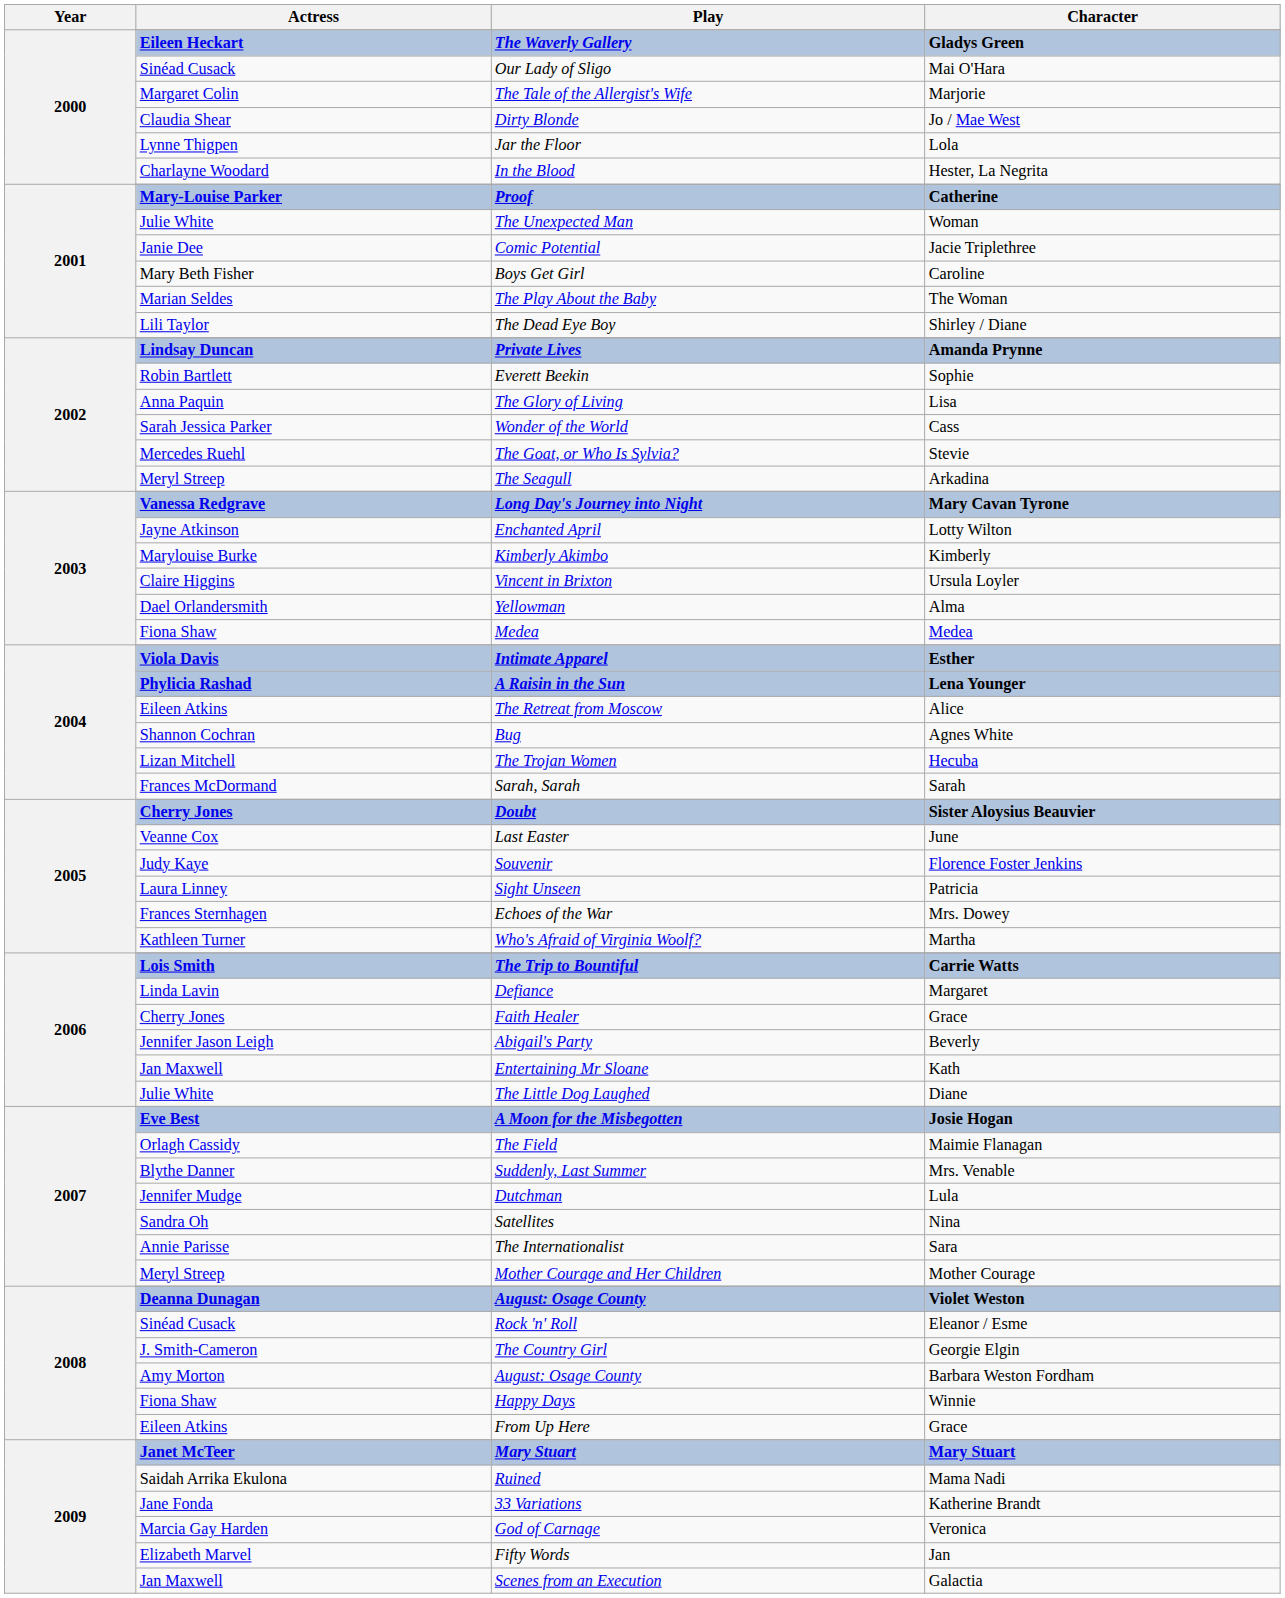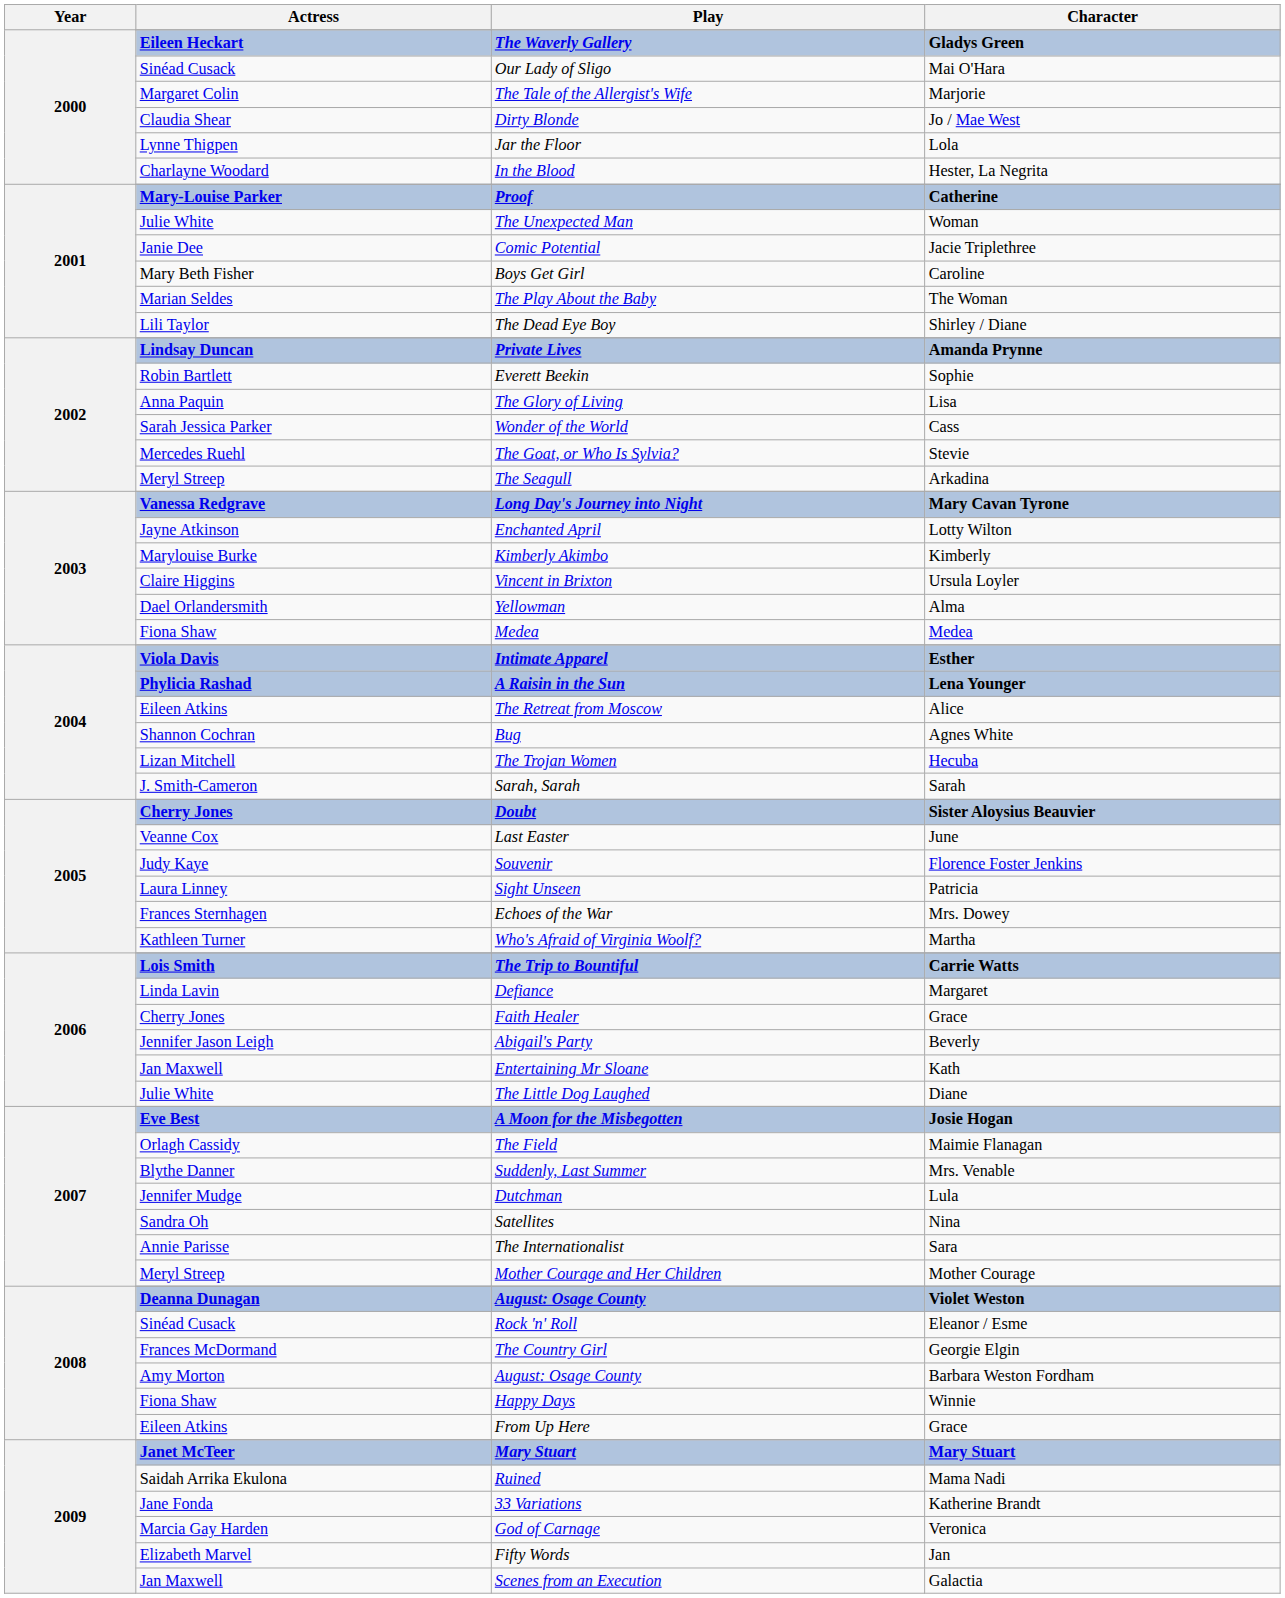 <table class="wikitable" style="width:100%;">
 <tr style="background:#bebebe;">
 <th style="width:10%;">Year</th>
 <th style="width:27%;">Actress</th>
 <th style="width:33%;">Play</th>
 <th style="width:27%;">Character</th>
 </tr>
 <tr>
 <th rowspan="7" align="center">2000</th>
 </tr>
 <tr style="background:#B0C4DE">
 <td><strong><a href='#'>Eileen Heckart</a></strong></td>
 <td><strong><em><a href='#'>The Waverly Gallery</a></em></strong></td>
 <td><strong>Gladys Green</strong></td>
 </tr>
 <tr>
 <td><a href='#'>Sinéad Cusack</a></td>
 <td><em>Our Lady of Sligo</em></td>
 <td>Mai O'Hara</td>
 </tr>
 <tr>
 <td><a href='#'>Margaret Colin</a></td>
 <td><em><a href='#'>The Tale of the Allergist's Wife</a></em></td>
 <td>Marjorie</td>
 </tr>
 <tr>
 <td><a href='#'>Claudia Shear</a></td>
 <td><em><a href='#'>Dirty Blonde</a></em></td>
 <td>Jo / <a href='#'>Mae West</a></td>
 </tr>
 <tr>
 <td><a href='#'>Lynne Thigpen</a></td>
 <td><em>Jar the Floor</em></td>
 <td>Lola</td>
 </tr>
 <tr>
 <td><a href='#'>Charlayne Woodard</a></td>
 <td><em><a href='#'>In the Blood</a></em></td>
 <td>Hester, La Negrita</td>
 </tr>
 <tr>
 <th rowspan="7" align="center">2001</th>
 </tr>
 <tr style="background:#B0C4DE">
 <td><strong><a href='#'>Mary-Louise Parker</a></strong></td>
 <td><strong><em><a href='#'>Proof</a></em></strong></td>
 <td><strong>Catherine</strong></td>
 </tr>
 <tr>
 <td><a href='#'>Julie White</a></td>
 <td><em><a href='#'>The Unexpected Man</a></em></td>
 <td>Woman</td>
 </tr>
 <tr>
 <td><a href='#'>Janie Dee</a></td>
 <td><em><a href='#'>Comic Potential</a></em></td>
 <td>Jacie Triplethree</td>
 </tr>
 <tr>
 <td>Mary Beth Fisher</td>
 <td><em>Boys Get Girl</em></td>
 <td>Caroline</td>
 </tr>
 <tr>
 <td><a href='#'>Marian Seldes</a></td>
 <td><em><a href='#'>The Play About the Baby</a></em></td>
 <td>The Woman</td>
 </tr>
 <tr>
 <td><a href='#'>Lili Taylor</a></td>
 <td><em>The Dead Eye Boy</em></td>
 <td>Shirley / Diane</td>
 </tr>
 <tr>
 <th rowspan="7" align="center">2002</th>
 </tr>
 <tr style="background:#B0C4DE">
 <td><strong><a href='#'>Lindsay Duncan</a></strong></td>
 <td><strong><em><a href='#'>Private Lives</a></em></strong></td>
 <td><strong>Amanda Prynne</strong></td>
 </tr>
 <tr>
 <td><a href='#'>Robin Bartlett</a></td>
 <td><em>Everett Beekin</em></td>
 <td>Sophie</td>
 </tr>
 <tr>
 <td><a href='#'>Anna Paquin</a></td>
 <td><em><a href='#'>The Glory of Living</a></em></td>
 <td>Lisa</td>
 </tr>
 <tr>
 <td><a href='#'>Sarah Jessica Parker</a></td>
 <td><em><a href='#'>Wonder of the World</a></em></td>
 <td>Cass</td>
 </tr>
 <tr>
 <td><a href='#'>Mercedes Ruehl</a></td>
 <td><em><a href='#'>The Goat, or Who Is Sylvia?</a></em></td>
 <td>Stevie</td>
 </tr>
 <tr>
 <td><a href='#'>Meryl Streep</a></td>
 <td><em><a href='#'>The Seagull</a></em></td>
 <td>Arkadina</td>
 </tr>
 <tr>
 <th rowspan="7" align="center">2003</th>
 </tr>
 <tr style="background:#B0C4DE">
 <td><strong><a href='#'>Vanessa Redgrave</a></strong></td>
 <td><strong><em><a href='#'>Long Day's Journey into Night</a></em></strong></td>
 <td><strong>Mary Cavan Tyrone</strong></td>
 </tr>
 <tr>
 <td><a href='#'>Jayne Atkinson</a></td>
 <td><em><a href='#'>Enchanted April</a></em></td>
 <td>Lotty Wilton</td>
 </tr>
 <tr>
 <td><a href='#'>Marylouise Burke</a></td>
 <td><em><a href='#'>Kimberly Akimbo</a></em></td>
 <td>Kimberly</td>
 </tr>
 <tr>
 <td><a href='#'>Claire Higgins</a></td>
 <td><em><a href='#'>Vincent in Brixton</a></em></td>
 <td>Ursula Loyler</td>
 </tr>
 <tr>
 <td><a href='#'>Dael Orlandersmith</a></td>
 <td><em><a href='#'>Yellowman</a></em></td>
 <td>Alma</td>
 </tr>
 <tr>
 <td><a href='#'>Fiona Shaw</a></td>
 <td><em><a href='#'>Medea</a></em></td>
 <td><a href='#'>Medea</a></td>
 </tr>
 <tr>
 <th rowspan="7" align="center">2004</th>
 </tr>
 <tr style="background:#B0C4DE">
 <td><strong><a href='#'>Viola Davis</a></strong></td>
 <td><strong><em><a href='#'>Intimate Apparel</a></em></strong></td>
 <td><strong>Esther</strong></td>
 </tr>
 <tr style="background:#B0C4DE">
 <td><strong><a href='#'>Phylicia Rashad</a></strong></td>
 <td><strong><em><a href='#'>A Raisin in the Sun</a></em></strong></td>
 <td><strong>Lena Younger</strong></td>
 </tr>
 <tr>
 <td><a href='#'>Eileen Atkins</a></td>
 <td><em><a href='#'>The Retreat from Moscow</a></em></td>
 <td>Alice</td>
 </tr>
 <tr>
 <td><a href='#'>Shannon Cochran</a></td>
 <td><em><a href='#'>Bug</a></em></td>
 <td>Agnes White</td>
 </tr>
 <tr>
 <td><a href='#'>Lizan Mitchell</a></td>
 <td><em><a href='#'>The Trojan Women</a></em></td>
 <td><a href='#'>Hecuba</a></td>
 </tr>
 <tr>
-<td><a href='#'>Frances McDormand</a></td>
+<td><a href='#'>J. Smith-Cameron</a></td>
 <td><em>Sarah, Sarah</em></td>
 <td>Sarah</td>
 </tr>
 <tr>
 <th rowspan="7" align="center">2005</th>
 </tr>
 <tr style="background:#B0C4DE">
 <td><strong><a href='#'>Cherry Jones</a></strong></td>
 <td><strong><em><a href='#'>Doubt</a></em></strong></td>
 <td><strong>Sister Aloysius Beauvier</strong></td>
 </tr>
 <tr>
 <td><a href='#'>Veanne Cox</a></td>
 <td><em>Last Easter</em></td>
 <td>June</td>
 </tr>
 <tr>
 <td><a href='#'>Judy Kaye</a></td>
 <td><em><a href='#'>Souvenir</a></em></td>
 <td><a href='#'>Florence Foster Jenkins</a></td>
 </tr>
 <tr>
 <td><a href='#'>Laura Linney</a></td>
 <td><em><a href='#'>Sight Unseen</a></em></td>
 <td>Patricia</td>
 </tr>
 <tr>
 <td><a href='#'>Frances Sternhagen</a></td>
 <td><em>Echoes of the War</em></td>
 <td>Mrs. Dowey</td>
 </tr>
 <tr>
 <td><a href='#'>Kathleen Turner</a></td>
 <td><em><a href='#'>Who's Afraid of Virginia Woolf?</a></em></td>
 <td>Martha</td>
 </tr>
 <tr>
 <th rowspan="7" align="center">2006</th>
 </tr>
 <tr style="background:#B0C4DE">
 <td><strong><a href='#'>Lois Smith</a></strong></td>
 <td><strong><em><a href='#'>The Trip to Bountiful</a></em></strong></td>
 <td><strong>Carrie Watts</strong></td>
 </tr>
 <tr>
 <td><a href='#'>Linda Lavin</a></td>
 <td><em><a href='#'>Defiance</a></em></td>
 <td>Margaret</td>
 </tr>
 <tr>
 <td><a href='#'>Cherry Jones</a></td>
 <td><em><a href='#'>Faith Healer</a></em></td>
 <td>Grace</td>
 </tr>
 <tr>
 <td><a href='#'>Jennifer Jason Leigh</a></td>
 <td><em><a href='#'>Abigail's Party</a></em></td>
 <td>Beverly</td>
 </tr>
 <tr>
 <td><a href='#'>Jan Maxwell</a></td>
 <td><em><a href='#'>Entertaining Mr Sloane</a></em></td>
 <td>Kath</td>
 </tr>
 <tr>
 <td><a href='#'>Julie White</a></td>
 <td><em><a href='#'>The Little Dog Laughed</a></em></td>
 <td>Diane</td>
 </tr>
 <tr>
 <th rowspan="8" align="center">2007</th>
 </tr>
 <tr style="background:#B0C4DE">
 <td><strong><a href='#'>Eve Best</a></strong></td>
 <td><strong><em><a href='#'>A Moon for the Misbegotten</a></em></strong></td>
 <td><strong>Josie Hogan</strong></td>
 </tr>
 <tr>
 <td><a href='#'>Orlagh Cassidy</a></td>
 <td><em><a href='#'>The Field</a></em></td>
 <td>Maimie Flanagan</td>
 </tr>
 <tr>
 <td><a href='#'>Blythe Danner</a></td>
 <td><em><a href='#'>Suddenly, Last Summer</a></em></td>
 <td>Mrs. Venable</td>
 </tr>
 <tr>
 <td><a href='#'>Jennifer Mudge</a></td>
 <td><em><a href='#'>Dutchman</a></em></td>
 <td>Lula</td>
 </tr>
 <tr>
 <td><a href='#'>Sandra Oh</a></td>
 <td><em>Satellites</em></td>
 <td>Nina</td>
 </tr>
 <tr>
 <td><a href='#'>Annie Parisse</a></td>
 <td><em>The Internationalist</em></td>
 <td>Sara</td>
 </tr>
 <tr>
 <td><a href='#'>Meryl Streep</a></td>
 <td><em><a href='#'>Mother Courage and Her Children</a></em></td>
 <td>Mother Courage</td>
 </tr>
 <tr>
 <th rowspan="7" align="center">2008</th>
 </tr>
 <tr style="background:#B0C4DE">
 <td><strong><a href='#'>Deanna Dunagan</a></strong></td>
 <td><strong><em><a href='#'>August: Osage County</a></em></strong></td>
 <td><strong>Violet Weston</strong></td>
 </tr>
 <tr>
 <td><a href='#'>Sinéad Cusack</a></td>
 <td><em><a href='#'>Rock 'n' Roll</a></em></td>
 <td>Eleanor / Esme</td>
 </tr>
 <tr>
-<td><a href='#'>J. Smith-Cameron</a></td>
+<td><a href='#'>Frances McDormand</a></td>
 <td><em><a href='#'>The Country Girl</a></em></td>
 <td>Georgie Elgin</td>
 </tr>
 <tr>
 <td><a href='#'>Amy Morton</a></td>
 <td><em><a href='#'>August: Osage County</a></em></td>
 <td>Barbara Weston Fordham</td>
 </tr>
 <tr>
 <td><a href='#'>Fiona Shaw</a></td>
 <td><em><a href='#'>Happy Days</a></em></td>
 <td>Winnie</td>
 </tr>
 <tr>
 <td><a href='#'>Eileen Atkins</a></td>
 <td><em>From Up Here</em></td>
 <td>Grace</td>
 </tr>
 <tr>
 <th rowspan="7" align="center">2009</th>
 </tr>
 <tr style="background:#B0C4DE">
 <td><strong><a href='#'>Janet McTeer</a></strong></td>
 <td><strong><em><a href='#'>Mary Stuart</a></em></strong></td>
 <td><strong><a href='#'>Mary Stuart</a></strong></td>
 </tr>
 <tr>
 <td>Saidah Arrika Ekulona</td>
 <td><em><a href='#'>Ruined</a></em></td>
 <td>Mama Nadi</td>
 </tr>
 <tr>
 <td><a href='#'>Jane Fonda</a></td>
 <td><em><a href='#'>33 Variations</a></em></td>
 <td>Katherine Brandt</td>
 </tr>
 <tr>
 <td><a href='#'>Marcia Gay Harden</a></td>
 <td><em><a href='#'>God of Carnage</a></em></td>
 <td>Veronica</td>
 </tr>
 <tr>
 <td><a href='#'>Elizabeth Marvel</a></td>
 <td><em>Fifty Words</em></td>
 <td>Jan</td>
 </tr>
 <tr>
 <td><a href='#'>Jan Maxwell</a></td>
 <td><em><a href='#'>Scenes from an Execution</a></em></td>
 <td>Galactia</td>
 </tr>
 </table>
